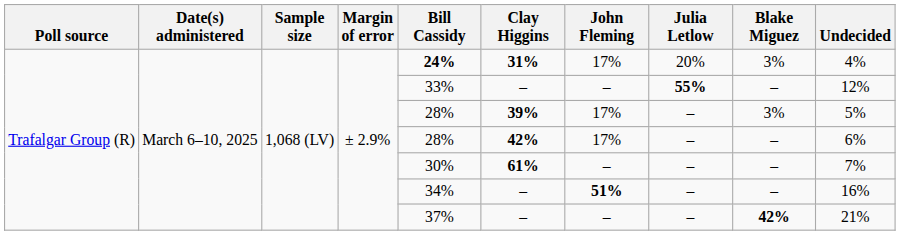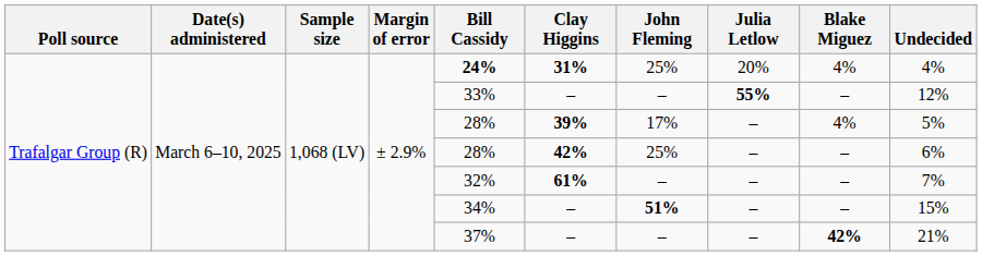 <table class="wikitable" style="font-size:90%;text-align:center;">
 <tr valign=bottom>
 <th>Poll source</th>
 <th>Date(s)<br>administered</th>
 <th>Sample<br>size</th>
 <th>Margin<br>of error</th>
 <th style="width:70px;">Bill<br>Cassidy</th>
 <th style="width:70px;">Clay<br>Higgins</th>
 <th style="width:70px;">John<br>Fleming</th>
 <th style="width:70px;">Julia<br>Letlow</th>
 <th style="width:70px;">Blake<br>Miguez</th>
 <th>Undecided</th>
 </tr>
 <tr>
 <td style="text-align:left;" rowspan="7"><a href='#'>Trafalgar Group</a> (R)</td>
 <td rowspan="7">March 6–10, 2025</td>
 <td rowspan="7">1,068 (LV)</td>
 <td rowspan="7">± 2.9%</td>
 <td><strong>24%</strong></td>
 <td><strong>31%</strong></td>
-<td>17%</td>
+<td>25%</td>
 <td>20%</td>
-<td>3%</td>
+<td>4%</td>
 <td>4%</td>
 </tr>
 <tr>
 <td>33%</td>
 <td>–</td>
 <td>–</td>
 <td><strong>55%</strong></td>
 <td>–</td>
 <td>12%</td>
 </tr>
 <tr>
 <td>28%</td>
 <td><strong>39%</strong></td>
 <td>17%</td>
 <td>–</td>
-<td>3%</td>
+<td>4%</td>
 <td>5%</td>
 </tr>
 <tr>
 <td>28%</td>
 <td><strong>42%</strong></td>
-<td>17%</td>
+<td>25%</td>
 <td>–</td>
 <td>–</td>
 <td>6%</td>
 </tr>
 <tr>
-<td>30%</td>
+<td>32%</td>
 <td><strong>61%</strong></td>
 <td>–</td>
 <td>–</td>
 <td>–</td>
 <td>7%</td>
 </tr>
 <tr>
 <td>34%</td>
 <td>–</td>
 <td><strong>51%</strong></td>
 <td>–</td>
 <td>–</td>
-<td>16%</td>
+<td>15%</td>
 </tr>
 <tr>
 <td>37%</td>
 <td>–</td>
 <td>–</td>
 <td>–</td>
 <td><strong>42%</strong></td>
 <td>21%</td>
 </tr>
 </table>
